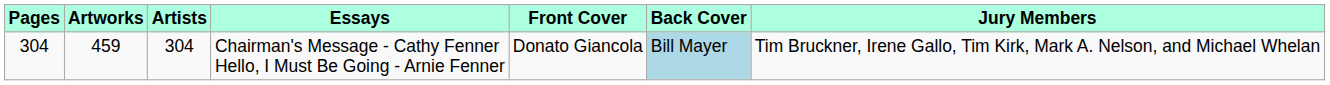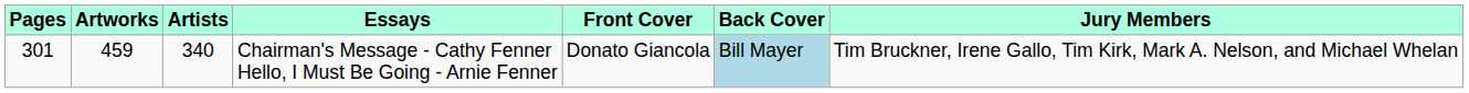 <table class="wikitable">
 <tr>
 <th style="background:#acffdf">Pages</th>
 <th style="background:#acffdf">Artworks</th>
 <th style="background:#acffdf">Artists</th>
 <th style="background:#acffdf">Essays</th>
 <th style="background:#acffdf">Front Cover</th>
 <th style="background:#acffdf">Back Cover</th>
 <th style="background:#acffdf">Jury Members</th>
 </tr>
 <tr valign="top">
-<td align="center">304</td>
+<td align="center">301</td>
 <td align="center">459</td>
-<td align="center">304</td>
+<td align="center">340</td>
 <td>Chairman's Message - Cathy Fenner<br>Hello, I Must Be Going - Arnie Fenner</td>
 <td>Donato Giancola</td>
 <td style="background: lightblue;">Bill Mayer</td>
 <td>Tim Bruckner, Irene Gallo, Tim Kirk, Mark A. Nelson, and Michael Whelan</td>
 </tr>
 </table>
